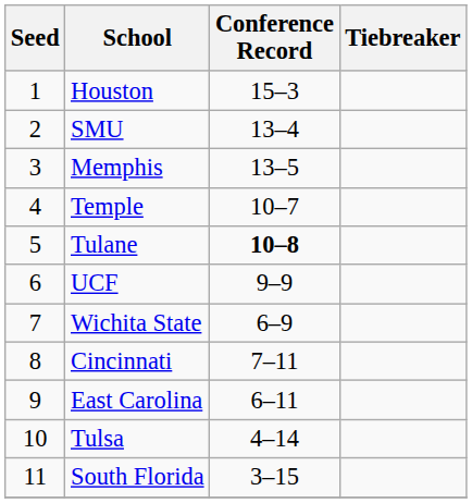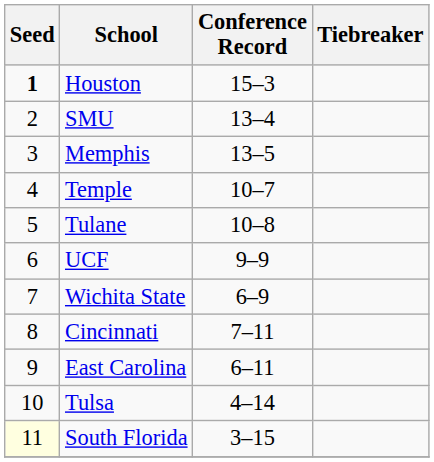 <table class="wikitable" style="white-space:nowrap; text-align:center">
 <tr>
 <th>Seed</th>
 <th>School</th>
 <th>Conference<br>Record</th>
 <th>Tiebreaker</th>
 </tr>
 <tr>
-<td>1</td>
+<td><strong>1</strong></td>
 <td align=left><a href='#'>Houston</a></td>
 <td>15–3</td>
 <td></td>
 </tr>
 <tr>
 <td>2</td>
 <td align=left><a href='#'>SMU</a></td>
 <td>13–4</td>
 <td></td>
 </tr>
 <tr>
 <td>3</td>
 <td align=left><a href='#'>Memphis</a></td>
 <td>13–5</td>
 <td></td>
 </tr>
 <tr>
 <td>4</td>
 <td align=left><a href='#'>Temple</a></td>
 <td>10–7</td>
 <td></td>
 </tr>
 <tr>
 <td>5</td>
 <td align=left><a href='#'>Tulane</a></td>
-<td><strong>10–8</strong></td>
+<td>10–8</td>
 <td></td>
 </tr>
 <tr>
 <td>6</td>
 <td align=left><a href='#'>UCF</a></td>
 <td>9–9</td>
 <td></td>
 </tr>
 <tr>
 <td>7</td>
 <td align=left><a href='#'>Wichita State</a></td>
 <td>6–9</td>
 <td></td>
 </tr>
 <tr>
 <td>8</td>
 <td align=left><a href='#'>Cincinnati</a></td>
 <td>7–11</td>
 <td></td>
 </tr>
 <tr>
 <td>9</td>
 <td align=left><a href='#'>East Carolina</a></td>
 <td>6–11</td>
 <td></td>
 </tr>
 <tr>
 <td>10</td>
 <td align=left><a href='#'>Tulsa</a></td>
 <td>4–14</td>
 <td></td>
 </tr>
 <tr>
-<td>11</td>
+<td style="background: lightyellow;">11</td>
 <td align=left><a href='#'>South Florida</a></td>
 <td>3–15</td>
 <td></td>
 </tr>
 <tr>
 </tr>
 </table>
